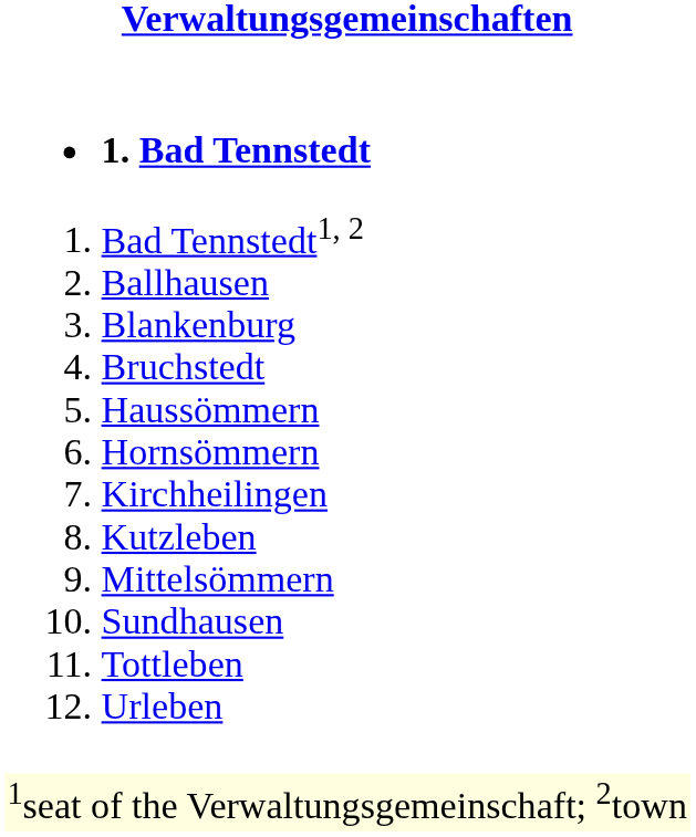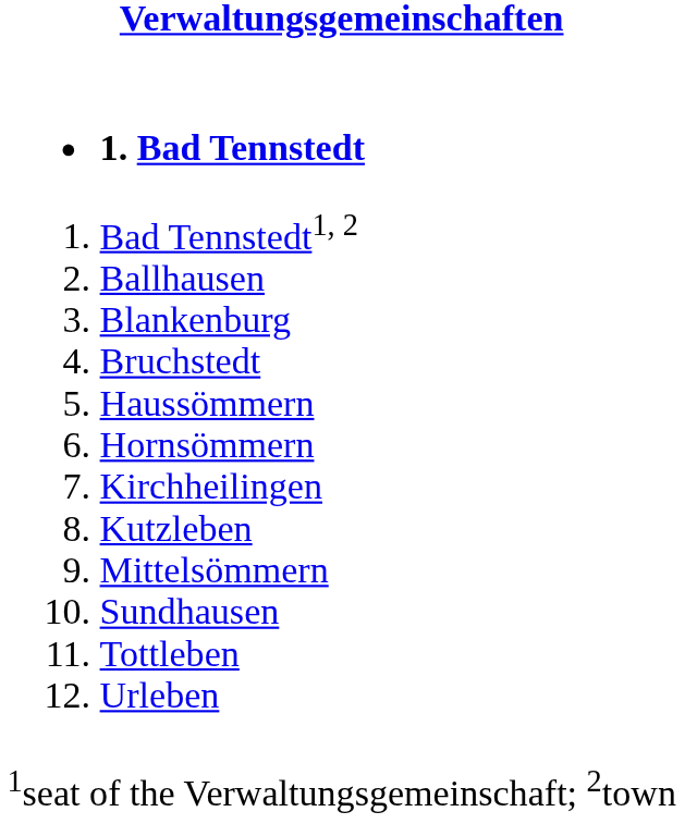 <table>
 <tr>
 <th><a href='#'>Verwaltungsgemeinschaften</a></th>
 </tr>
 <tr valign=top>
 <td><br><ul><li><strong>1. <a href='#'>Bad Tennstedt</a></strong></li></ul><ol><li><a href='#'>Bad Tennstedt</a><sup>1, 2</sup></li><li><a href='#'>Ballhausen</a></li><li><a href='#'>Blankenburg</a></li><li><a href='#'>Bruchstedt</a></li><li><a href='#'>Haussömmern</a></li><li><a href='#'>Hornsömmern</a></li><li><a href='#'>Kirchheilingen</a></li><li><a href='#'>Kutzleben</a></li><li><a href='#'>Mittelsömmern</a></li><li><a href='#'>Sundhausen</a></li><li><a href='#'>Tottleben</a></li><li><a href='#'>Urleben</a></li></ol></td>
 </tr>
 <tr>
-<td style="background: lightyellow;"><sup>1</sup>seat of the Verwaltungsgemeinschaft; <sup>2</sup>town</td>
+<td><sup>1</sup>seat of the Verwaltungsgemeinschaft; <sup>2</sup>town</td>
 </tr>
 </table>
